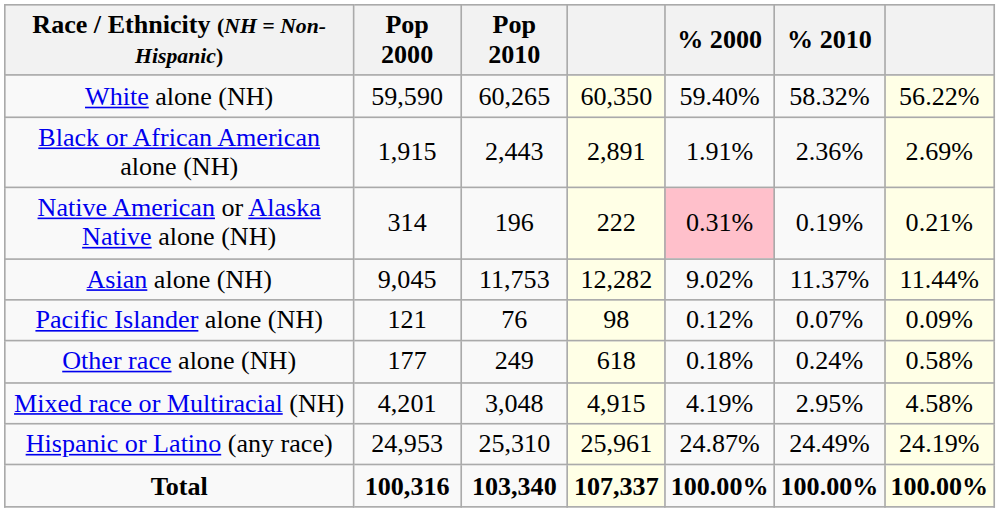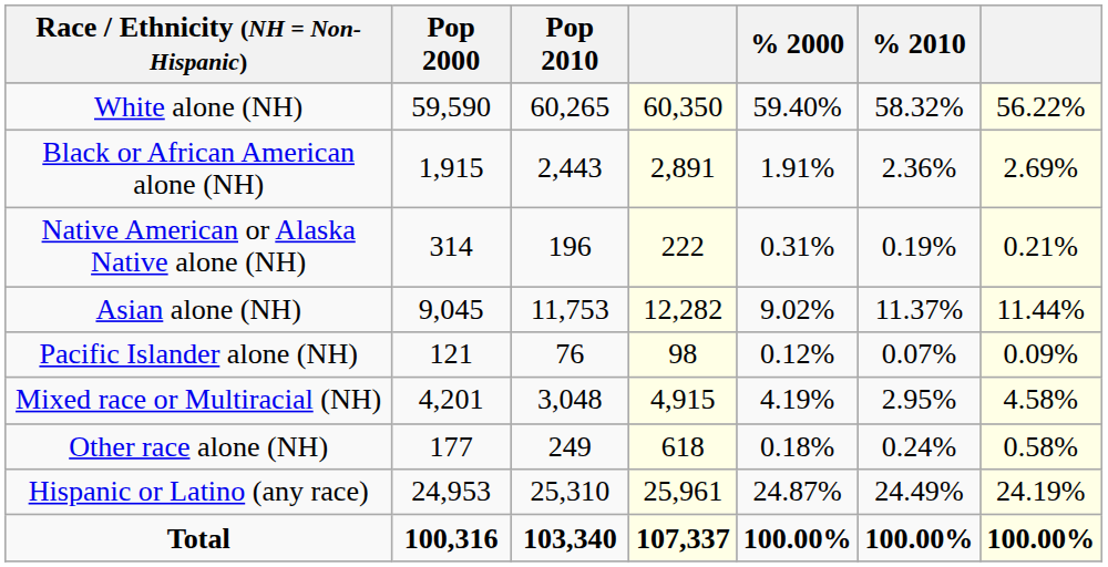 <table class="wikitable" style="text-align:center;">
 <tr>
 <th>Race / Ethnicity <small>(<em>NH = Non-Hispanic</em>)</small></th>
 <th>Pop 2000</th>
 <th>Pop 2010</th>
 <th></th>
 <th>% 2000</th>
 <th>% 2010</th>
 <th></th>
 </tr>
 <tr>
 <td><a href='#'>White</a> alone (NH)</td>
 <td>59,590</td>
 <td>60,265</td>
 <td style='background: #ffffe6;'>60,350</td>
 <td>59.40%</td>
 <td>58.32%</td>
 <td style='background: #ffffe6;'>56.22%</td>
 </tr>
 <tr>
 <td><a href='#'>Black or African American</a> alone (NH)</td>
 <td>1,915</td>
 <td>2,443</td>
 <td style='background: #ffffe6;'>2,891</td>
 <td>1.91%</td>
 <td>2.36%</td>
 <td style='background: #ffffe6;'>2.69%</td>
 </tr>
 <tr>
 <td><a href='#'>Native American</a> or <a href='#'>Alaska Native</a> alone (NH)</td>
 <td>314</td>
 <td>196</td>
 <td style='background: #ffffe6;'>222</td>
-<td style="background: pink;">0.31%</td>
+<td>0.31%</td>
 <td>0.19%</td>
 <td style='background: #ffffe6;'>0.21%</td>
 </tr>
 <tr>
 <td><a href='#'>Asian</a> alone (NH)</td>
 <td>9,045</td>
 <td>11,753</td>
 <td style='background: #ffffe6;'>12,282</td>
 <td>9.02%</td>
 <td>11.37%</td>
 <td style='background: #ffffe6;'>11.44%</td>
 </tr>
 <tr>
 <td><a href='#'>Pacific Islander</a> alone (NH)</td>
 <td>121</td>
 <td>76</td>
 <td style='background: #ffffe6;'>98</td>
 <td>0.12%</td>
 <td>0.07%</td>
 <td style='background: #ffffe6;'>0.09%</td>
 </tr>
 <tr>
+<td><a href='#'>Mixed race or Multiracial</a> (NH)</td>
+<td>4,201</td>
+<td>3,048</td>
+<td style='background: #ffffe6;'>4,915</td>
+<td>4.19%</td>
+<td>2.95%</td>
+<td style='background: #ffffe6;'>4.58%</td>
+</tr>
+<tr>
 <td><a href='#'>Other race</a> alone (NH)</td>
 <td>177</td>
 <td>249</td>
 <td style='background: #ffffe6;'>618</td>
 <td>0.18%</td>
 <td>0.24%</td>
 <td style='background: #ffffe6;'>0.58%</td>
-</tr>
-<tr>
-<td><a href='#'>Mixed race or Multiracial</a> (NH)</td>
-<td>4,201</td>
-<td>3,048</td>
-<td style='background: #ffffe6;'>4,915</td>
-<td>4.19%</td>
-<td>2.95%</td>
-<td style='background: #ffffe6;'>4.58%</td>
 </tr>
 <tr>
 <td><a href='#'>Hispanic or Latino</a> (any race)</td>
 <td>24,953</td>
 <td>25,310</td>
 <td style='background: #ffffe6;'>25,961</td>
 <td>24.87%</td>
 <td>24.49%</td>
 <td style='background: #ffffe6;'>24.19%</td>
 </tr>
 <tr>
 <td><strong>Total</strong></td>
 <td><strong>100,316</strong></td>
 <td><strong>103,340</strong></td>
 <td style='background: #ffffe6;'><strong>107,337</strong></td>
 <td><strong>100.00%</strong></td>
 <td><strong>100.00%</strong></td>
 <td style='background: #ffffe6;'><strong>100.00%</strong></td>
 </tr>
 </table>
